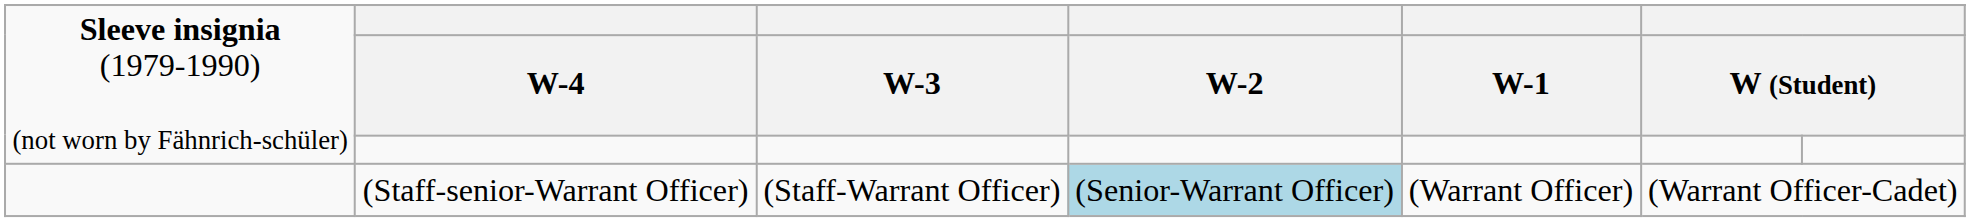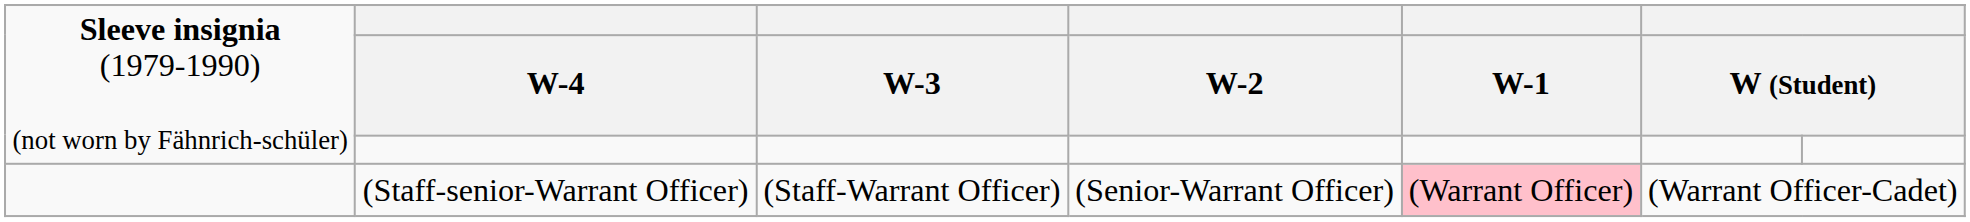 <table class="wikitable">
 <tr>
 </tr>
 <tr align="center">
 <td rowspan=3; align="center"><strong>Sleeve insignia</strong><br>(1979-1990)<br><br><small>(not worn by Fähnrich-schüler)</small></td>
 <th></th>
 <th></th>
 <th></th>
 <th></th>
 <th colspan=2></th>
 </tr>
 <tr align="center">
 <th>W-4</th>
 <th>W-3</th>
 <th>W-2</th>
 <th>W-1</th>
 <th colspan=2>W <small>(Student)</small></th>
 </tr>
 <tr align="center">
 <td></td>
 <td></td>
 <td></td>
 <td></td>
 <td></td>
 <td></td>
 </tr>
 <tr align="center">
 <td></td>
 <td>(Staff-senior-Warrant Officer)</td>
 <td>(Staff-Warrant Officer)</td>
-<td style="background: lightblue;">(Senior-Warrant Officer)</td>
-<td>(Warrant Officer)</td>
+<td>(Senior-Warrant Officer)</td>
+<td style="background: pink;">(Warrant Officer)</td>
 <td colspan=2>(Warrant Officer-Cadet)</td>
 </tr>
 </table>
